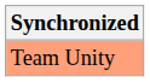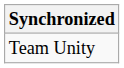 <table class="wikitable">
 <tr>
 <th>Synchronized</th>
 </tr>
 <tr>
-<td style="background: lightsalmon;">Team Unity</td>
+<td>Team Unity</td>
 </tr>
 </table>
